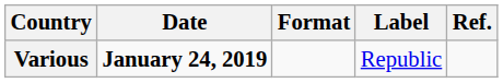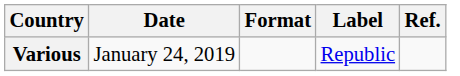 <table class="wikitable plainrowheaders">
 <tr>
 <th scope="col">Country</th>
 <th scope="col">Date</th>
 <th scope="col">Format</th>
 <th scope="col">Label</th>
 <th scope="col">Ref.</th>
 </tr>
 <tr>
 <th scope="row">Various</th>
-<td><strong>January 24, 2019</strong></td>
+<td>January 24, 2019</td>
 <td></td>
 <td><a href='#'>Republic</a></td>
 </tr>
 </table>
